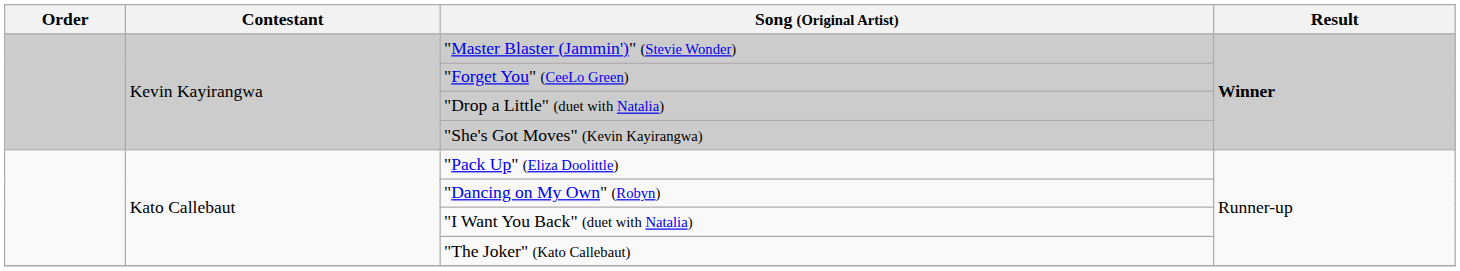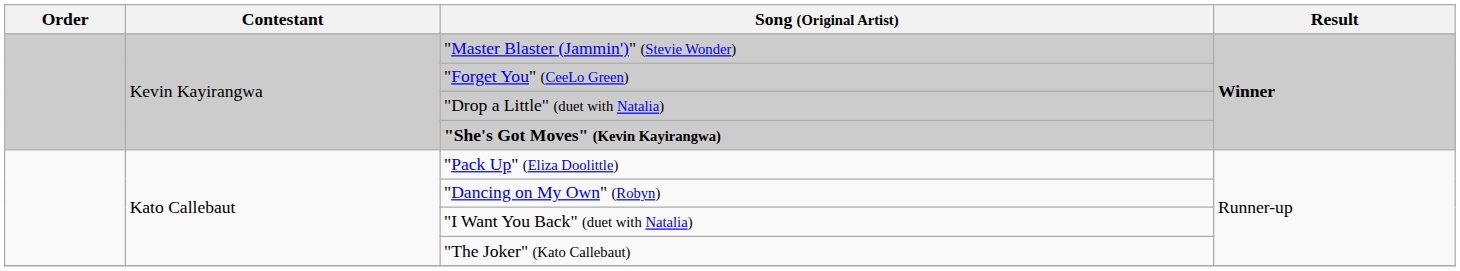 <table class="wikitable" style="font-size:90%; width:60%; text-align: left;">
 <tr>
 <th width="05%">Order</th>
 <th width="13%">Contestant</th>
 <th width="32%">Song <small>(Original Artist)</small></th>
 <th width="10%">Result</th>
 </tr>
 <tr>
 <td bgcolor="CCCCCC" rowspan="4"></td>
 <td bgcolor="CCCCCC" rowspan="4">Kevin Kayirangwa</td>
 <td bgcolor="CCCCCC">"<a href='#'>Master Blaster (Jammin')</a>" <small>(<a href='#'>Stevie Wonder</a>)</small></td>
 <td bgcolor="CCCCCC" rowspan="4"><strong>Winner</strong></td>
 </tr>
 <tr>
 <td bgcolor="CCCCCC">"<a href='#'>Forget You</a>" <small>(<a href='#'>CeeLo Green</a>)</small></td>
 </tr>
 <tr>
 <td bgcolor="CCCCCC">"Drop a Little" <small>(duet with <a href='#'>Natalia</a>)</small></td>
 </tr>
 <tr>
-<td bgcolor="CCCCCC">"She's Got Moves" <small>(Kevin Kayirangwa)</small></td>
+<td bgcolor="CCCCCC"><strong>"She's Got Moves" <small>(Kevin Kayirangwa)</small></strong></td>
 </tr>
 <tr>
 <td rowspan="4"></td>
 <td rowspan="4">Kato Callebaut</td>
 <td>"<a href='#'>Pack Up</a>" <small>(<a href='#'>Eliza Doolittle</a>)</small></td>
 <td rowspan="4">Runner-up</td>
 </tr>
 <tr>
 <td>"<a href='#'>Dancing on My Own</a>" <small>(<a href='#'>Robyn</a>)</small></td>
 </tr>
 <tr>
 <td>"I Want You Back" <small>(duet with <a href='#'>Natalia</a>)</small></td>
 </tr>
 <tr>
 <td>"The Joker" <small>(Kato Callebaut)</small></td>
 </tr>
 <tr>
 </tr>
 </table>
